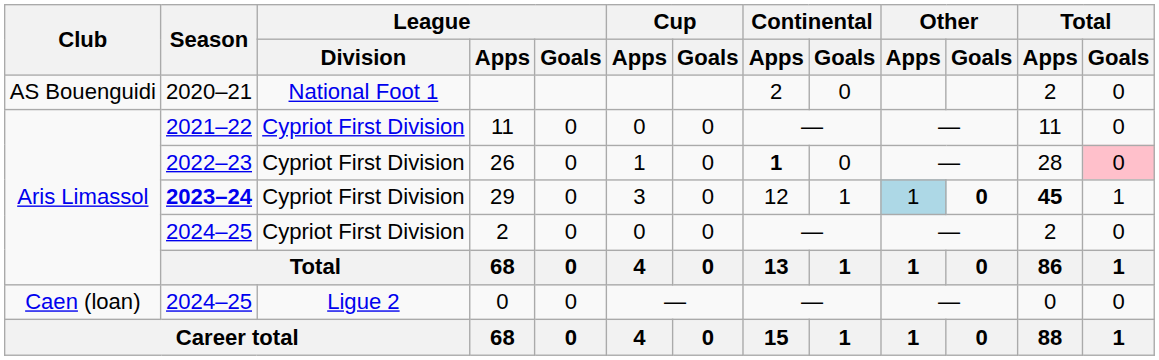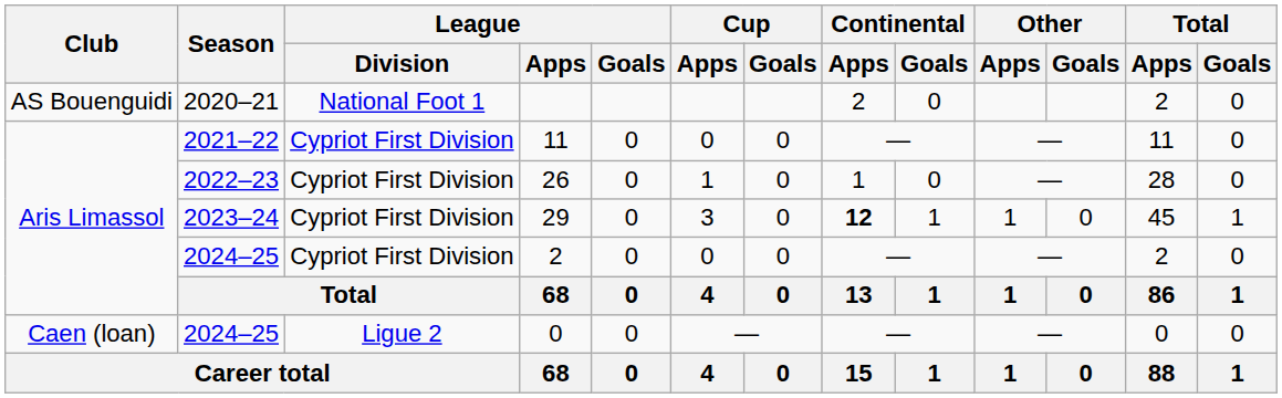 <table class="wikitable" style="text-align:center">
 <tr>
 <th rowspan="2">Club</th>
 <th rowspan="2">Season</th>
 <th colspan="3">League</th>
 <th colspan="2">Cup</th>
 <th colspan="2">Continental</th>
 <th colspan="2">Other</th>
 <th colspan="2">Total</th>
 </tr>
 <tr>
 <th>Division</th>
 <th>Apps</th>
 <th>Goals</th>
 <th>Apps</th>
 <th>Goals</th>
 <th>Apps</th>
 <th>Goals</th>
 <th>Apps</th>
 <th>Goals</th>
 <th>Apps</th>
 <th>Goals</th>
 </tr>
 <tr>
 <td>AS Bouenguidi</td>
 <td>2020–21</td>
 <td><a href='#'>National Foot 1</a></td>
 <td></td>
 <td></td>
 <td></td>
 <td></td>
 <td>2</td>
 <td>0</td>
 <td></td>
 <td></td>
 <td>2</td>
 <td>0</td>
 </tr>
 <tr>
 <td rowspan="5"><a href='#'>Aris Limassol</a></td>
 <td><a href='#'>2021–22</a></td>
 <td><a href='#'>Cypriot First Division</a></td>
 <td>11</td>
 <td>0</td>
 <td>0</td>
 <td>0</td>
 <td colspan="2">—</td>
 <td colspan="2">—</td>
 <td>11</td>
 <td>0</td>
 </tr>
 <tr>
 <td><a href='#'>2022–23</a></td>
 <td>Cypriot First Division</td>
 <td>26</td>
 <td>0</td>
 <td>1</td>
 <td>0</td>
-<td><strong>1</strong></td>
+<td>1</td>
 <td>0</td>
 <td colspan="2">—</td>
 <td>28</td>
-<td style="background: pink;">0</td>
+<td>0</td>
 </tr>
 <tr>
-<td><strong><a href='#'>2023–24</a></strong></td>
+<td><a href='#'>2023–24</a></td>
 <td>Cypriot First Division</td>
 <td>29</td>
 <td>0</td>
 <td>3</td>
 <td>0</td>
-<td>12</td>
+<td><strong>12</strong></td>
 <td>1</td>
-<td style="background: lightblue;">1</td>
-<td><strong>0</strong></td>
-<td><strong>45</strong></td>
+<td>1</td>
+<td>0</td>
+<td>45</td>
 <td>1</td>
 </tr>
 <tr>
 <td><a href='#'>2024–25</a></td>
 <td>Cypriot First Division</td>
 <td>2</td>
 <td>0</td>
 <td>0</td>
 <td>0</td>
 <td colspan="2">—</td>
 <td colspan="2">—</td>
 <td>2</td>
 <td>0</td>
 </tr>
 <tr>
 <th colspan="2">Total</th>
 <th>68</th>
 <th>0</th>
 <th>4</th>
 <th>0</th>
 <th>13</th>
 <th>1</th>
 <th>1</th>
 <th>0</th>
 <th>86</th>
 <th>1</th>
 </tr>
 <tr>
 <td><a href='#'>Caen</a> (loan)</td>
 <td><a href='#'>2024–25</a></td>
 <td><a href='#'>Ligue 2</a></td>
 <td>0</td>
 <td>0</td>
 <td colspan="2">—</td>
 <td colspan="2">—</td>
 <td colspan="2">—</td>
 <td>0</td>
 <td>0</td>
 </tr>
 <tr>
 <th colspan="3">Career total</th>
 <th>68</th>
 <th>0</th>
 <th>4</th>
 <th>0</th>
 <th>15</th>
 <th>1</th>
 <th>1</th>
 <th>0</th>
 <th>88</th>
 <th>1</th>
 </tr>
 </table>
